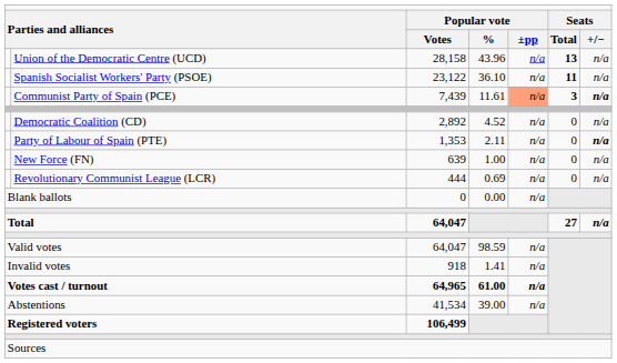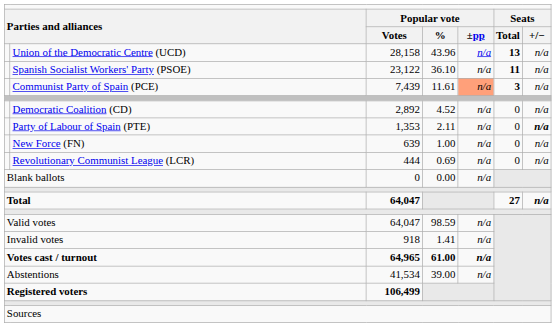 <table class="wikitable" style="text-align:right;">
 <tr>
 <td colspan="7"></td>
 </tr>
 <tr>
 <th style="text-align:left;" rowspan="2" colspan="2" width="525">Parties and alliances</th>
 <th colspan="3">Popular vote</th>
 <th colspan="2">Seats</th>
 </tr>
 <tr>
 <th width="75">Votes</th>
 <th width="45">%</th>
 <th width="45">±<a href='#'>pp</a></th>
 <th width="35">Total</th>
 <th width="35">+/−</th>
 </tr>
 <tr>
 <td width="1" style="color:inherit;background:"></td>
 <td align="left"><a href='#'>Union of the Democratic Centre</a> (UCD)</td>
 <td>28,158</td>
 <td>43.96</td>
 <td><em><a href='#'>n/a</a></em></td>
 <td><strong>13</strong></td>
 <td><em>n/a</em></td>
 </tr>
 <tr>
 <td style="color:inherit;background:"></td>
 <td align="left"><a href='#'>Spanish Socialist Workers' Party</a> (PSOE)</td>
 <td>23,122</td>
 <td>36.10</td>
 <td><em>n/a</em></td>
 <td><strong>11</strong></td>
 <td><em>n/a</em></td>
 </tr>
 <tr>
 <td style="color:inherit;background:"></td>
 <td align="left"><a href='#'>Communist Party of Spain</a> (PCE)</td>
 <td>7,439</td>
 <td>11.61</td>
 <td style="background: lightsalmon;"><em>n/a</em></td>
 <td><strong>3</strong></td>
-<td><strong><em>n/a</em></strong></td>
+<td><em>n/a</em></td>
 </tr>
 <tr>
 <td colspan="7" bgcolor="#C0C0C0"></td>
 </tr>
 <tr>
 <td style="color:inherit;background:"></td>
 <td align="left"><a href='#'>Democratic Coalition</a> (CD)</td>
 <td>2,892</td>
 <td>4.52</td>
 <td><em>n/a</em></td>
 <td>0</td>
 <td><em>n/a</em></td>
 </tr>
 <tr>
 <td style="color:inherit;background:"></td>
 <td align="left"><a href='#'>Party of Labour of Spain</a> (PTE)</td>
 <td>1,353</td>
 <td>2.11</td>
 <td><em>n/a</em></td>
 <td>0</td>
 <td><strong><em>n/a</em></strong></td>
 </tr>
 <tr>
 <td style="color:inherit;background:"></td>
 <td align="left"><a href='#'>New Force</a> (FN)</td>
 <td>639</td>
 <td>1.00</td>
 <td><em>n/a</em></td>
 <td>0</td>
 <td><em>n/a</em></td>
 </tr>
 <tr>
 <td style="color:inherit;background:"></td>
 <td align="left"><a href='#'>Revolutionary Communist League</a> (LCR)</td>
 <td>444</td>
 <td>0.69</td>
 <td><em>n/a</em></td>
 <td>0</td>
 <td><em>n/a</em></td>
 </tr>
 <tr>
 <td align="left" colspan="2">Blank ballots</td>
 <td>0</td>
 <td>0.00</td>
 <td><em>n/a</em></td>
 <td bgcolor="#E9E9E9" colspan="2"></td>
 </tr>
 <tr>
 <td colspan="7" bgcolor="#E9E9E9"></td>
 </tr>
 <tr style="font-weight:bold;">
 <td align="left" colspan="2">Total</td>
 <td>64,047</td>
 <td bgcolor="#E9E9E9" colspan="2"></td>
 <td>27</td>
 <td><em>n/a</em></td>
 </tr>
 <tr>
 <td colspan="7" bgcolor="#E9E9E9"></td>
 </tr>
 <tr>
 <td align="left" colspan="2">Valid votes</td>
 <td>64,047</td>
 <td>98.59</td>
 <td><em>n/a</em></td>
 <td bgcolor="#E9E9E9" colspan="2" rowspan="5"></td>
 </tr>
 <tr>
 <td align="left" colspan="2">Invalid votes</td>
 <td>918</td>
 <td>1.41</td>
 <td><em>n/a</em></td>
 </tr>
 <tr style="font-weight:bold;">
 <td align="left" colspan="2">Votes cast / turnout</td>
 <td>64,965</td>
 <td>61.00</td>
 <td><em>n/a</em></td>
 </tr>
 <tr>
 <td align="left" colspan="2">Abstentions</td>
 <td>41,534</td>
 <td>39.00</td>
 <td><em>n/a</em></td>
 </tr>
 <tr style="font-weight:bold;">
 <td align="left" colspan="2">Registered voters</td>
 <td>106,499</td>
 <td bgcolor="#E9E9E9" colspan="2"></td>
 </tr>
 <tr>
 <td colspan="7" bgcolor="#E9E9E9"></td>
 </tr>
 <tr>
 <td align="left" colspan="7">Sources</td>
 </tr>
 </table>
